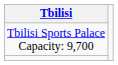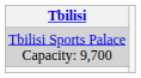 <table class="wikitable" style="text-align:center;">
 <tr>
 <th><a href='#'>Tbilisi</a></th>
 <td rowspan=3><br></td>
 </tr>
 <tr>
-<td><a href='#'>Tbilisi Sports Palace</a><br>Capacity: 9,700</td>
+<td style="background: lightgrey;"><a href='#'>Tbilisi Sports Palace</a><br>Capacity: 9,700</td>
 </tr>
 <tr>
 <td></td>
 </tr>
 </table>
